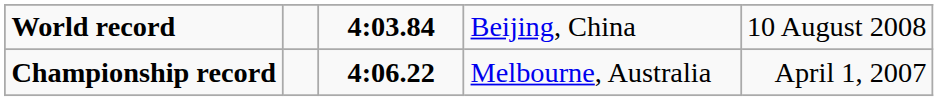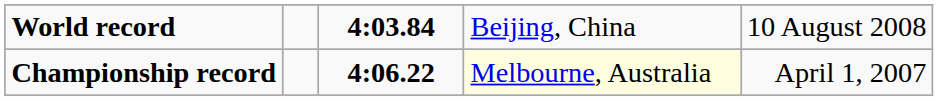 <table class="wikitable">
 <tr>
 <td><strong>World record</strong></td>
 <td style="padding-right:1em"></td>
 <td style="text-align:center;padding-left:1em; padding-right:1em;"><strong>4:03.84</strong></td>
 <td style="padding-right:1em"><a href='#'>Beijing</a>, China</td>
 <td align=right>10 August 2008</td>
 </tr>
 <tr>
 <td><strong>Championship record</strong></td>
 <td style="padding-right:1em"></td>
 <td style="text-align:center;padding-left:1em; padding-right:1em;"><strong>4:06.22</strong></td>
-<td style="padding-right:1em"><a href='#'>Melbourne</a>, Australia</td>
+<td style="background: lightyellow; padding-right:1em"><a href='#'>Melbourne</a>, Australia</td>
 <td align=right>April 1, 2007</td>
 </tr>
 </table>
